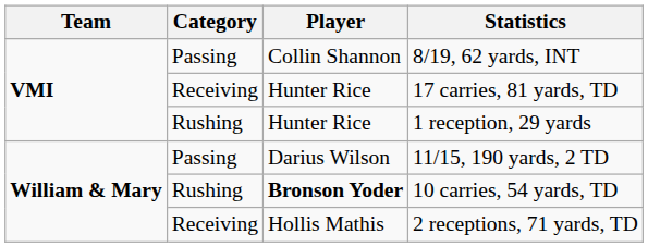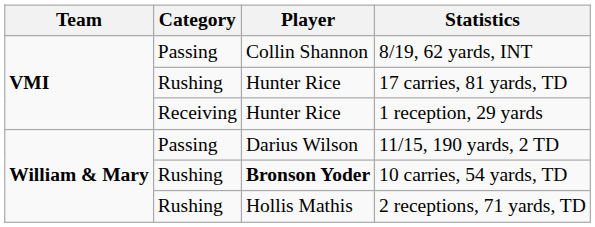 <table class="wikitable" style="float: right;">
 <tr>
 <th>Team</th>
 <th>Category</th>
 <th>Player</th>
 <th>Statistics</th>
 </tr>
 <tr>
 <td rowspan=3><strong>VMI</strong></td>
 <td>Passing</td>
 <td>Collin Shannon</td>
 <td>8/19, 62 yards, INT</td>
 </tr>
 <tr>
-<td>Receiving</td>
+<td>Rushing</td>
 <td>Hunter Rice</td>
 <td>17 carries, 81 yards, TD</td>
 </tr>
 <tr>
-<td>Rushing</td>
+<td>Receiving</td>
 <td>Hunter Rice</td>
 <td>1 reception, 29 yards</td>
 </tr>
 <tr>
 <td rowspan=3><strong>William & Mary</strong></td>
 <td>Passing</td>
 <td>Darius Wilson</td>
 <td>11/15, 190 yards, 2 TD</td>
 </tr>
 <tr>
 <td>Rushing</td>
 <td><strong>Bronson Yoder</strong></td>
 <td>10 carries, 54 yards, TD</td>
 </tr>
 <tr>
-<td>Receiving</td>
+<td>Rushing</td>
 <td>Hollis Mathis</td>
 <td>2 receptions, 71 yards, TD</td>
 </tr>
 </table>
